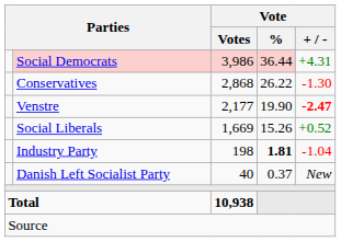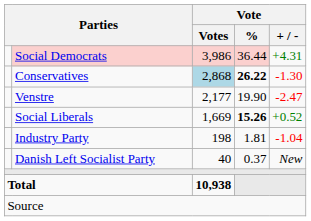 <table class="wikitable" style="text-align:right;">
 <tr>
 <th style="text-align:centre;" rowspan="2" colspan="2" width="225">Parties</th>
 <th colspan="3">Vote</th>
 </tr>
 <tr>
 <th width="15">Votes</th>
 <th width="15">%</th>
 <th width="15">+ / -</th>
 </tr>
 <tr>
 <td width="2" style="color:inherit;background:"></td>
 <td bgcolor=#fbd0ce  align="left"><a href='#'>Social Democrats</a></td>
 <td bgcolor=#fbd0ce>3,986</td>
 <td bgcolor=#fbd0ce>36.44</td>
 <td style=color:green;>+4.31</td>
 </tr>
 <tr>
 <td width="2" style="color:inherit;background:"></td>
 <td align="left"><a href='#'>Conservatives</a></td>
-<td>2,868</td>
-<td>26.22</td>
+<td style="background: lightblue;">2,868</td>
+<td><strong>26.22</strong></td>
 <td style=color:red;>-1.30</td>
 </tr>
 <tr>
 <td width="2" style="color:inherit;background:"></td>
 <td align="left"><a href='#'>Venstre</a></td>
 <td>2,177</td>
 <td>19.90</td>
-<td style=color:red;><strong>-2.47</strong></td>
+<td style=color:red;>-2.47</td>
 </tr>
 <tr>
 <td width="2" style="color:inherit;background:"></td>
 <td align="left"><a href='#'>Social Liberals</a></td>
 <td>1,669</td>
-<td>15.26</td>
+<td><strong>15.26</strong></td>
 <td style=color:green;>+0.52</td>
 </tr>
 <tr>
 <td width="2" style="color:inherit;background:"></td>
 <td align="left"><a href='#'>Industry Party</a></td>
 <td>198</td>
-<td><strong>1.81</strong></td>
+<td>1.81</td>
 <td style=color:red;>-1.04</td>
 </tr>
 <tr>
 <td width="2" style="color:inherit;background:"></td>
 <td align="left"><a href='#'>Danish Left Socialist Party</a></td>
 <td>40</td>
 <td>0.37</td>
 <td><em>New</em></td>
 </tr>
 <tr>
 <td colspan="7" bgcolor="#E9E9E9"></td>
 </tr>
 <tr>
 <td align="left" colspan="2"><strong>Total</strong></td>
 <td><strong>10,938</strong></td>
 <td bgcolor="#E9E9E9" colspan="2"></td>
 </tr>
 <tr>
 <td align="left" colspan="6">Source</td>
 </tr>
 </table>
